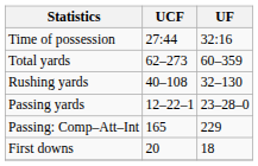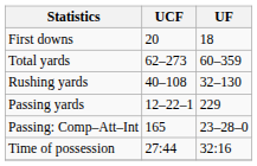 <table class="wikitable" style="float: left;">
 <tr>
 <th>Statistics</th>
 <th>UCF</th>
 <th>UF</th>
 </tr>
 <tr>
-<td>Time of possession</td>
-<td>27:44</td>
-<td>32:16</td>
+<td>First downs</td>
+<td>20</td>
+<td>18</td>
 </tr>
 <tr>
 <td>Total yards</td>
 <td>62–273</td>
 <td>60–359</td>
 </tr>
 <tr>
 <td>Rushing yards</td>
 <td>40–108</td>
 <td>32–130</td>
 </tr>
 <tr>
 <td>Passing yards</td>
 <td>12–22–1</td>
-<td>23–28–0</td>
+<td>229</td>
 </tr>
 <tr>
 <td>Passing: Comp–Att–Int</td>
 <td>165</td>
-<td>229</td>
+<td>23–28–0</td>
 </tr>
 <tr>
-<td>First downs</td>
-<td>20</td>
-<td>18</td>
+<td>Time of possession</td>
+<td>27:44</td>
+<td>32:16</td>
 </tr>
 <tr>
 </tr>
 </table>
